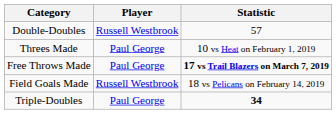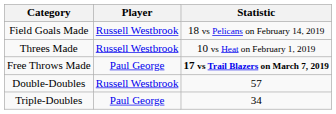 <table class="wikitable sortable sortable" style="text-align: center">
 <tr>
 <th>Category</th>
 <th>Player</th>
 <th>Statistic</th>
 </tr>
 <tr style="text-align: center">
-<td>Double-Doubles</td>
+<td>Field Goals Made</td>
 <td><a href='#'>Russell Westbrook</a></td>
-<td>57</td>
+<td>18 <small>vs <a href='#'>Pelicans</a> on February 14, 2019</small></td>
 </tr>
 <tr style="text-align: center">
 <td>Threes Made</td>
-<td><a href='#'>Paul George</a></td>
+<td><a href='#'>Russell Westbrook</a></td>
 <td>10 <small>vs <a href='#'>Heat</a> on February 1, 2019</small></td>
 </tr>
 <tr style="text-align: center">
 <td>Free Throws Made</td>
 <td><a href='#'>Paul George</a></td>
 <td><strong>17 <small>vs <a href='#'>Trail Blazers</a> on March 7, 2019</small></strong></td>
 </tr>
 <tr style="text-align: center">
-<td>Field Goals Made</td>
+<td>Double-Doubles</td>
 <td><a href='#'>Russell Westbrook</a></td>
-<td>18 <small>vs <a href='#'>Pelicans</a> on February 14, 2019</small></td>
+<td>57</td>
 </tr>
 <tr style="text-align: center">
 <td>Triple-Doubles</td>
 <td><a href='#'>Paul George</a></td>
-<td><strong>34</strong></td>
+<td>34</td>
 </tr>
 </table>
